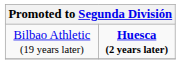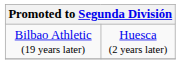 <table class="wikitable" style="text-align: center; margin: 0 auto;">
 <tr>
 <th colspan=2>Promoted to <a href='#'>Segunda División</a></th>
 </tr>
 <tr>
 <td><a href='#'>Bilbao Athletic</a><br><small>(19 years later)</small></td>
-<td><strong><a href='#'>Huesca</a><br><small>(2 years later)</small></strong></td>
+<td><a href='#'>Huesca</a><br><small>(2 years later)</small></td>
 </tr>
 <tr>
 </tr>
 </table>
